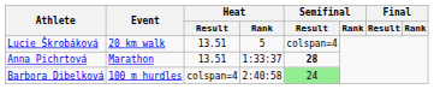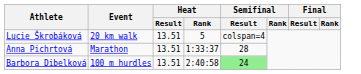 <table class=wikitable style="font-size:90%">
 <tr>
 <th rowspan="2">Athlete</th>
 <th rowspan="2">Event</th>
 <th colspan="2">Heat</th>
 <th colspan="2">Semifinal</th>
 <th colspan="2">Final</th>
 </tr>
 <tr style="font-size:95%">
 <th>Result</th>
 <th>Rank</th>
 <th>Result</th>
 <th>Rank</th>
 <th>Result</th>
 <th>Rank</th>
 </tr>
 <tr align=center>
 <td align=left><a href='#'>Lucie Škrobáková</a></td>
 <td align=left><a href='#'>20 km walk</a></td>
 <td>13.51</td>
 <td>5</td>
 <td>colspan=4 </td>
 </tr>
 <tr align=center>
 <td align=left><a href='#'>Anna Pichrtová</a></td>
 <td align=left><a href='#'>Marathon</a></td>
 <td>13.51</td>
 <td>1:33:37</td>
-<td><strong>28</strong></td>
+<td>28</td>
 </tr>
 <tr align=center>
 <td align=left><a href='#'>Barbora Dibelková</a></td>
 <td align=left><a href='#'>100 m hurdles</a></td>
-<td>colspan=4 </td>
+<td>13.51</td>
 <td>2:40:58</td>
 <td style="background: lightgreen;">24</td>
 </tr>
 </table>
